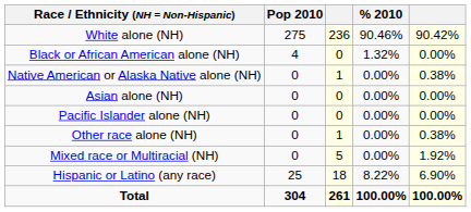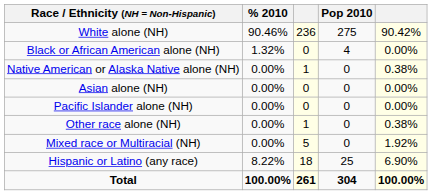 <table class="wikitable" style="text-align:center;">
 <tr>
 <th>Race / Ethnicity <small>(<em>NH = Non-Hispanic</em>)</small></th>
+<th>% 2010</th>
+<th></th>
 <th>Pop 2010</th>
-<th></th>
-<th>% 2010</th>
 <th></th>
 </tr>
 <tr>
 <td><a href='#'>White</a> alone (NH)</td>
+<td>90.46%</td>
+<td style='background: #ffffe6;'>236</td>
 <td>275</td>
-<td style='background: #ffffe6;'>236</td>
-<td>90.46%</td>
 <td style='background: #ffffe6;'>90.42%</td>
 </tr>
 <tr>
 <td><a href='#'>Black or African American</a> alone (NH)</td>
+<td>1.32%</td>
+<td style='background: #ffffe6;'>0</td>
 <td>4</td>
-<td style='background: #ffffe6;'>0</td>
-<td>1.32%</td>
 <td style='background: #ffffe6;'>0.00%</td>
 </tr>
 <tr>
 <td><a href='#'>Native American</a> or <a href='#'>Alaska Native</a> alone (NH)</td>
+<td>0.00%</td>
+<td style='background: #ffffe6;'>1</td>
 <td>0</td>
-<td style='background: #ffffe6;'>1</td>
-<td>0.00%</td>
 <td style='background: #ffffe6;'>0.38%</td>
 </tr>
 <tr>
 <td><a href='#'>Asian</a> alone (NH)</td>
+<td>0.00%</td>
+<td style='background: #ffffe6;'>0</td>
 <td>0</td>
-<td style='background: #ffffe6;'>0</td>
-<td>0.00%</td>
 <td style='background: #ffffe6;'>0.00%</td>
 </tr>
 <tr>
 <td><a href='#'>Pacific Islander</a> alone (NH)</td>
+<td>0.00%</td>
+<td style='background: #ffffe6;'>0</td>
 <td>0</td>
-<td style='background: #ffffe6;'>0</td>
-<td>0.00%</td>
 <td style='background: #ffffe6;'>0.00%</td>
 </tr>
 <tr>
 <td><a href='#'>Other race</a> alone (NH)</td>
+<td>0.00%</td>
+<td style='background: #ffffe6;'>1</td>
 <td>0</td>
-<td style='background: #ffffe6;'>1</td>
-<td>0.00%</td>
 <td style='background: #ffffe6;'>0.38%</td>
 </tr>
 <tr>
 <td><a href='#'>Mixed race or Multiracial</a> (NH)</td>
+<td>0.00%</td>
+<td style='background: #ffffe6;'>5</td>
 <td>0</td>
-<td style='background: #ffffe6;'>5</td>
-<td>0.00%</td>
 <td style='background: #ffffe6;'>1.92%</td>
 </tr>
 <tr>
 <td><a href='#'>Hispanic or Latino</a> (any race)</td>
+<td>8.22%</td>
+<td style='background: #ffffe6;'>18</td>
 <td>25</td>
-<td style='background: #ffffe6;'>18</td>
-<td>8.22%</td>
 <td style='background: #ffffe6;'>6.90%</td>
 </tr>
 <tr>
 <td><strong>Total</strong></td>
+<td><strong>100.00%</strong></td>
+<td style='background: #ffffe6;'><strong>261</strong></td>
 <td><strong>304</strong></td>
-<td style='background: #ffffe6;'><strong>261</strong></td>
-<td><strong>100.00%</strong></td>
 <td style='background: #ffffe6;'><strong>100.00%</strong></td>
 </tr>
 </table>
